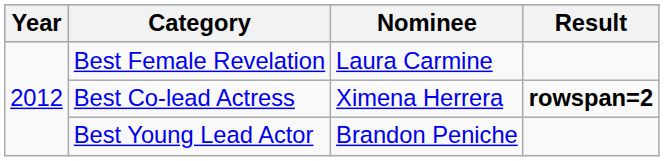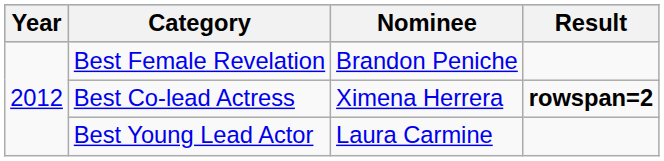 <table class="wikitable">
 <tr style="background:#b0c4de;">
 <th>Year</th>
 <th>Category</th>
 <th>Nominee</th>
 <th>Result</th>
 </tr>
 <tr>
 <td rowspan=3><a href='#'>2012</a></td>
 <td><a href='#'>Best Female Revelation</a></td>
-<td><a href='#'>Laura Carmine</a></td>
+<td><a href='#'>Brandon Peniche</a></td>
 <td></td>
 </tr>
 <tr>
 <td><a href='#'>Best Co-lead Actress</a></td>
 <td><a href='#'>Ximena Herrera</a></td>
 <td><strong>rowspan=2 </strong></td>
 </tr>
 <tr>
 <td><a href='#'>Best Young Lead Actor</a></td>
-<td><a href='#'>Brandon Peniche</a></td>
+<td><a href='#'>Laura Carmine</a></td>
 </tr>
 </table>
